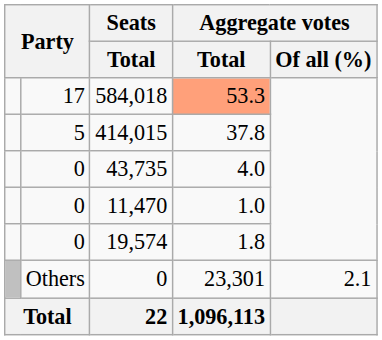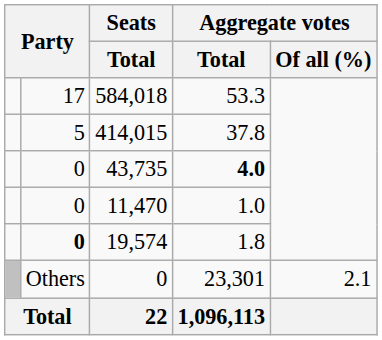 <table class="wikitable" style="text-align:right; font-size:95%;">
 <tr>
 <th colspan="2" rowspan="2">Party</th>
 <th>Seats</th>
 <th colspan="2">Aggregate votes</th>
 </tr>
 <tr>
 <th>Total</th>
 <th>Total</th>
 <th>Of all (%)</th>
 </tr>
 <tr>
 <td></td>
 <td>17</td>
 <td>584,018</td>
-<td style="background: lightsalmon;">53.3</td>
+<td>53.3</td>
 </tr>
 <tr>
 <td></td>
 <td>5</td>
 <td>414,015</td>
 <td>37.8</td>
 </tr>
 <tr>
 <td></td>
 <td>0</td>
 <td>43,735</td>
-<td>4.0</td>
+<td><strong>4.0</strong></td>
 </tr>
 <tr>
 <td></td>
 <td>0</td>
 <td>11,470</td>
 <td>1.0</td>
 </tr>
 <tr>
 <td></td>
-<td>0</td>
+<td><strong>0</strong></td>
 <td>19,574</td>
 <td>1.8</td>
 </tr>
 <tr>
 <td style="background:silver;"> </td>
 <td align=left>Others</td>
 <td>0</td>
 <td>23,301</td>
 <td>2.1</td>
 </tr>
 <tr>
 <th colspan="2" style="background:#f2f2f2"><strong>Total</strong></th>
 <td style="background:#f2f2f2;"><strong>22</strong></td>
 <td style="background:#f2f2f2;"><strong>1,096,113</strong></td>
 <td style="background:#f2f2f2;"></td>
 </tr>
 </table>
